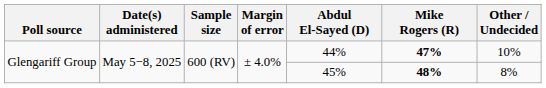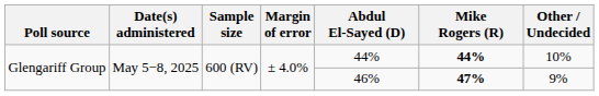 <table class="wikitable" style="font-size:90%;text-align:center;">
 <tr valign=bottom>
 <th>Poll source</th>
 <th>Date(s)<br>administered</th>
 <th>Sample<br>size</th>
 <th>Margin<br>of error</th>
 <th style="width:100px;">Abdul<br>El-Sayed (D)</th>
 <th style="width:100px;">Mike<br>Rogers (R)</th>
 <th>Other /<br>Undecided</th>
 </tr>
 <tr>
 <td style="text-align:left;" rowspan="2">Glengariff Group</td>
 <td rowspan="2">May 5−8, 2025</td>
 <td rowspan="2">600 (RV)</td>
 <td rowspan="2">± 4.0%</td>
 <td>44%</td>
-<td><strong>47%</strong></td>
+<td><strong>44%</strong></td>
 <td>10%</td>
 </tr>
 <tr>
-<td>45%</td>
-<td><strong>48%</strong></td>
-<td>8%</td>
+<td>46%</td>
+<td><strong>47%</strong></td>
+<td>9%</td>
 </tr>
 </table>
